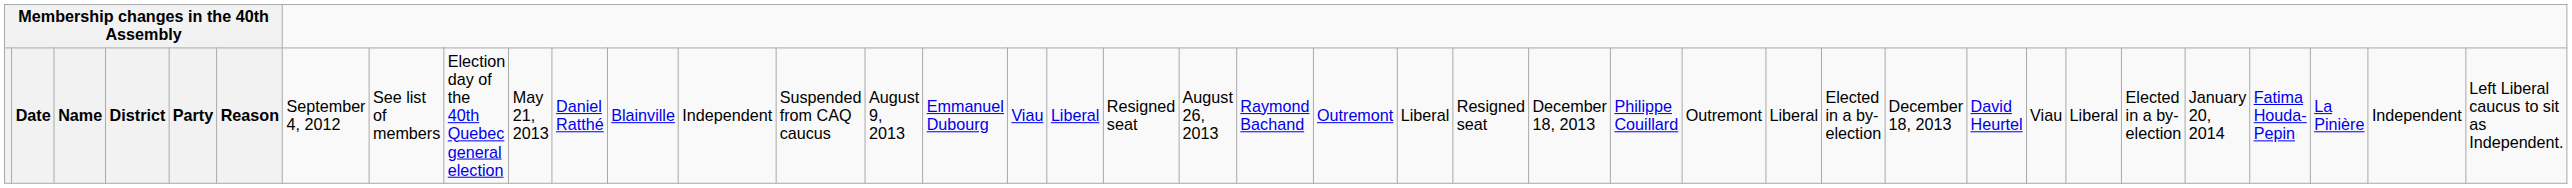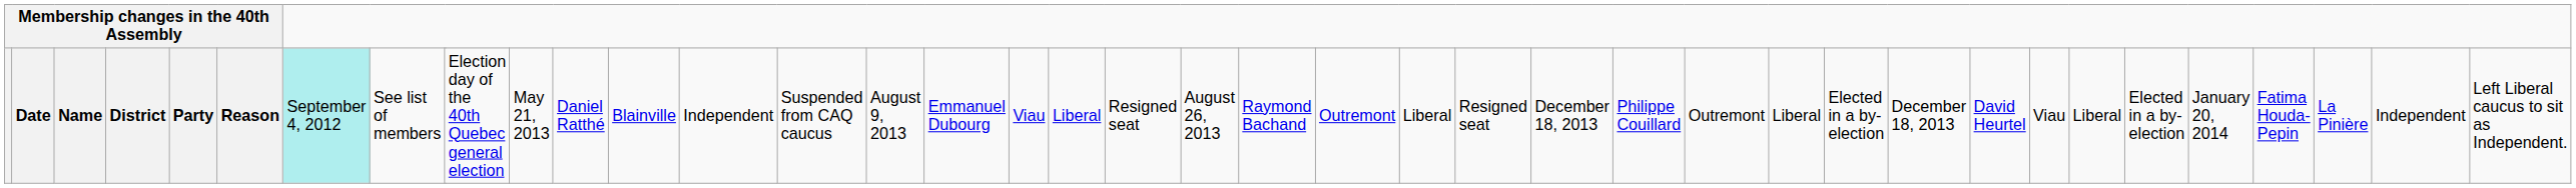 <table class="wikitable">
 <tr>
 <th colspan=6>Membership changes in the 40th Assembly</th>
 </tr>
 <tr>
 <th></th>
 <th>Date</th>
 <th>Name</th>
 <th>District</th>
 <th>Party</th>
 <th>Reason<br></th>
-<td>September 4, 2012</td>
+<td style="background: paleturquoise;">September 4, 2012</td>
 <td colspan=3>See list of members</td>
 <td>Election day of the <a href='#'>40th Quebec general election</a><br></td>
 <td>May 21, 2013</td>
 <td><a href='#'>Daniel Ratthé</a></td>
 <td><a href='#'>Blainville</a></td>
 <td>Independent</td>
 <td>Suspended from CAQ caucus<br></td>
 <td>August 9, 2013</td>
 <td><a href='#'>Emmanuel Dubourg</a></td>
 <td><a href='#'>Viau</a></td>
 <td><a href='#'>Liberal</a></td>
 <td>Resigned seat<br></td>
 <td>August 26, 2013</td>
 <td><a href='#'>Raymond Bachand</a></td>
 <td><a href='#'>Outremont</a></td>
 <td>Liberal</td>
 <td>Resigned seat<br></td>
 <td>December 18, 2013</td>
 <td><a href='#'>Philippe Couillard</a></td>
 <td>Outremont</td>
 <td>Liberal</td>
 <td>Elected in a by-election<br></td>
 <td>December 18, 2013</td>
 <td><a href='#'>David Heurtel</a></td>
 <td>Viau</td>
 <td>Liberal</td>
 <td>Elected in a by-election<br></td>
 <td>January 20, 2014</td>
 <td><a href='#'>Fatima Houda-Pepin</a></td>
 <td><a href='#'>La Pinière</a></td>
 <td>Independent</td>
 <td>Left Liberal caucus to sit as Independent.</td>
 </tr>
 </table>
